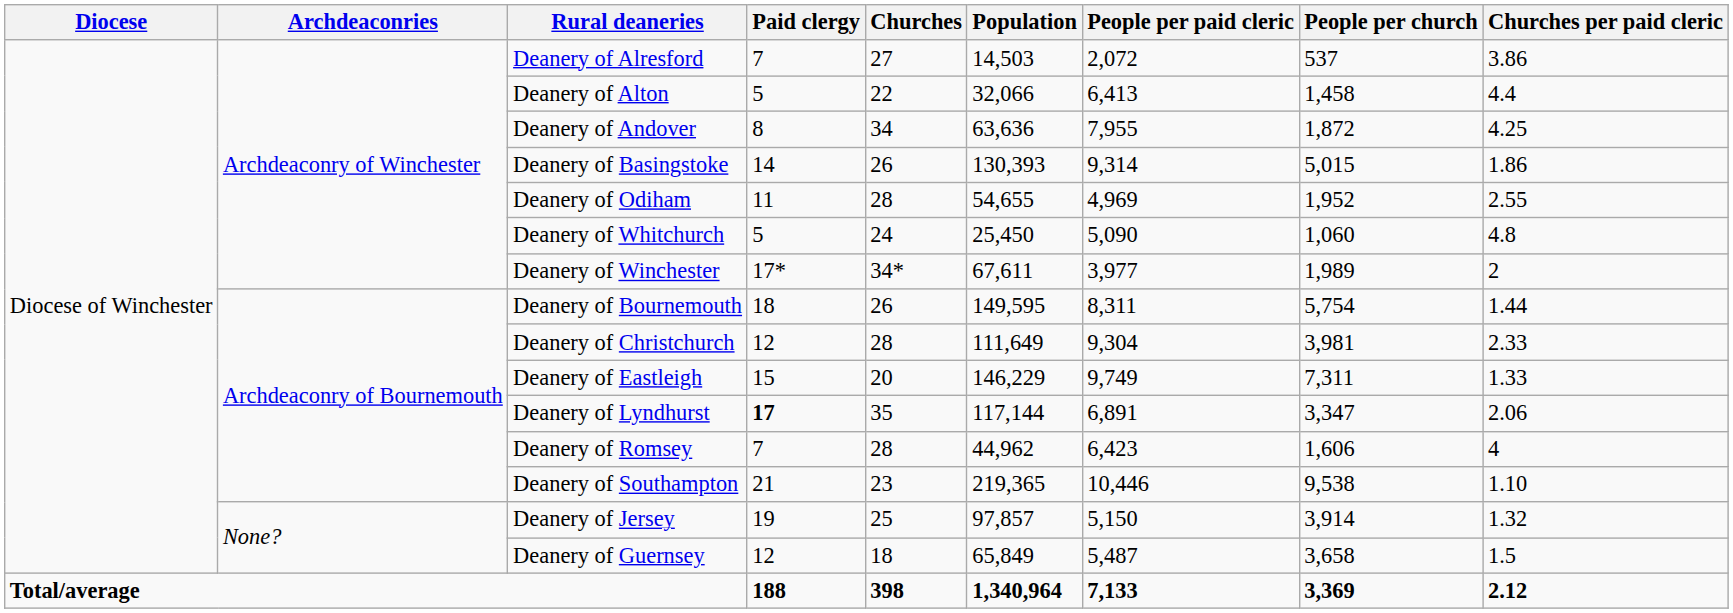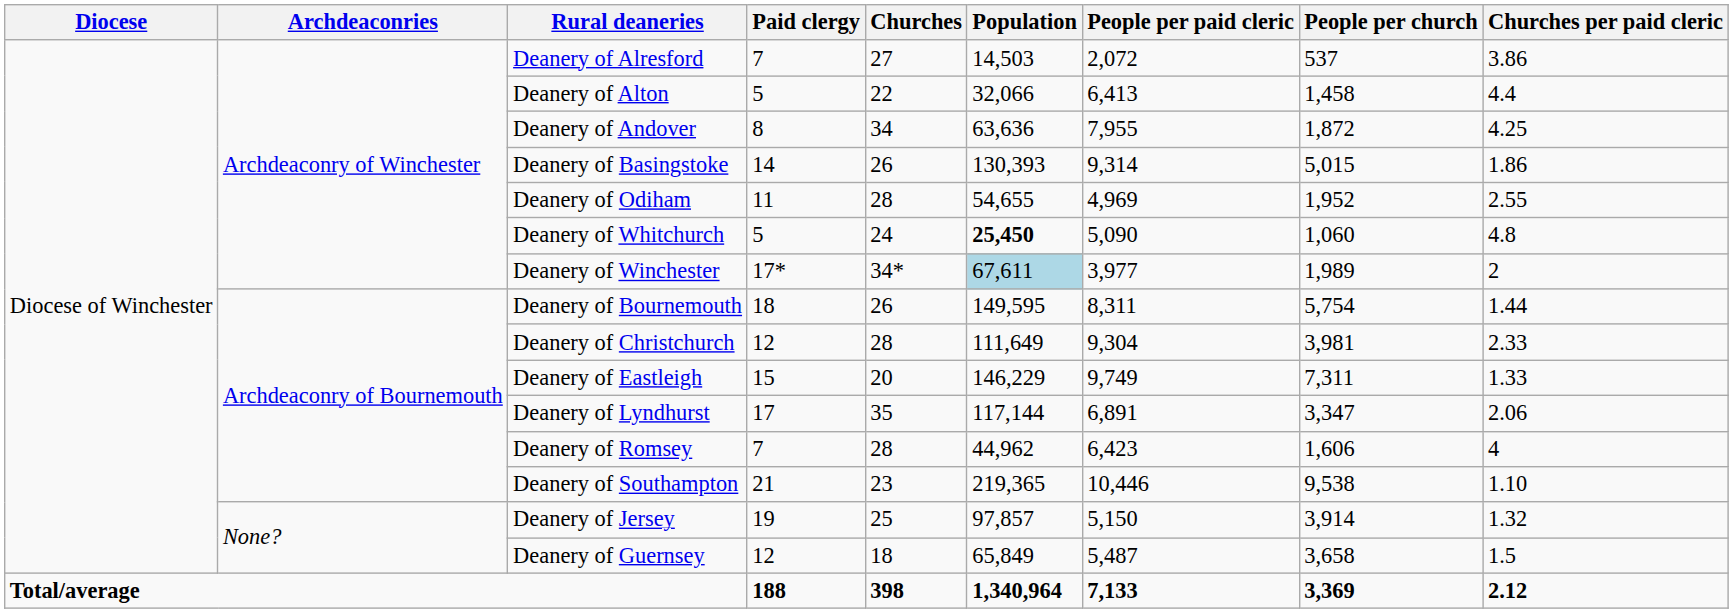 <table class="wikitable sortable">
 <tr>
 <th><a href='#'>Diocese</a></th>
 <th><a href='#'>Archdeaconries</a></th>
 <th><a href='#'>Rural deaneries</a></th>
 <th>Paid clergy</th>
 <th>Churches</th>
 <th>Population</th>
 <th>People per paid cleric</th>
 <th>People per church</th>
 <th>Churches per paid cleric</th>
 </tr>
 <tr>
 <td rowspan="15">Diocese of Winchester</td>
 <td rowspan="7"><a href='#'>Archdeaconry of Winchester</a></td>
 <td><a href='#'>Deanery of Alresford</a></td>
 <td>7</td>
 <td>27</td>
 <td>14,503</td>
 <td>2,072</td>
 <td>537</td>
 <td>3.86</td>
 </tr>
 <tr>
 <td>Deanery of <a href='#'>Alton</a></td>
 <td>5</td>
 <td>22</td>
 <td>32,066</td>
 <td>6,413</td>
 <td>1,458</td>
 <td>4.4</td>
 </tr>
 <tr>
 <td>Deanery of <a href='#'>Andover</a></td>
 <td>8</td>
 <td>34</td>
 <td>63,636</td>
 <td>7,955</td>
 <td>1,872</td>
 <td>4.25</td>
 </tr>
 <tr>
 <td>Deanery of <a href='#'>Basingstoke</a></td>
 <td>14</td>
 <td>26</td>
 <td>130,393</td>
 <td>9,314</td>
 <td>5,015</td>
 <td>1.86</td>
 </tr>
 <tr>
 <td>Deanery of <a href='#'>Odiham</a></td>
 <td>11</td>
 <td>28</td>
 <td>54,655</td>
 <td>4,969</td>
 <td>1,952</td>
 <td>2.55</td>
 </tr>
 <tr>
 <td>Deanery of <a href='#'>Whitchurch</a></td>
 <td>5</td>
 <td>24</td>
-<td>25,450</td>
+<td><strong>25,450</strong></td>
 <td>5,090</td>
 <td>1,060</td>
 <td>4.8</td>
 </tr>
 <tr>
 <td>Deanery of <a href='#'>Winchester</a></td>
 <td>17*</td>
 <td>34*</td>
-<td>67,611</td>
+<td style="background: lightblue;">67,611</td>
 <td>3,977</td>
 <td>1,989</td>
 <td>2</td>
 </tr>
 <tr>
 <td rowspan="6"><a href='#'>Archdeaconry of Bournemouth</a></td>
 <td>Deanery of <a href='#'>Bournemouth</a></td>
 <td>18</td>
 <td>26</td>
 <td>149,595</td>
 <td>8,311</td>
 <td>5,754</td>
 <td>1.44</td>
 </tr>
 <tr>
 <td>Deanery of <a href='#'>Christchurch</a></td>
 <td>12</td>
 <td>28</td>
 <td>111,649</td>
 <td>9,304</td>
 <td>3,981</td>
 <td>2.33</td>
 </tr>
 <tr>
 <td>Deanery of <a href='#'>Eastleigh</a></td>
 <td>15</td>
 <td>20</td>
 <td>146,229</td>
 <td>9,749</td>
 <td>7,311</td>
 <td>1.33</td>
 </tr>
 <tr>
 <td>Deanery of <a href='#'>Lyndhurst</a></td>
-<td><strong>17</strong></td>
+<td>17</td>
 <td>35</td>
 <td>117,144</td>
 <td>6,891</td>
 <td>3,347</td>
 <td>2.06</td>
 </tr>
 <tr>
 <td>Deanery of <a href='#'>Romsey</a></td>
 <td>7</td>
 <td>28</td>
 <td>44,962</td>
 <td>6,423</td>
 <td>1,606</td>
 <td>4</td>
 </tr>
 <tr>
 <td>Deanery of <a href='#'>Southampton</a></td>
 <td>21</td>
 <td>23</td>
 <td>219,365</td>
 <td>10,446</td>
 <td>9,538</td>
 <td>1.10</td>
 </tr>
 <tr>
 <td rowspan="2"><em>None?</em></td>
 <td>Deanery of <a href='#'>Jersey</a></td>
 <td>19</td>
 <td>25</td>
 <td>97,857</td>
 <td>5,150</td>
 <td>3,914</td>
 <td>1.32</td>
 </tr>
 <tr>
 <td>Deanery of <a href='#'>Guernsey</a></td>
 <td>12</td>
 <td>18</td>
 <td>65,849</td>
 <td>5,487</td>
 <td>3,658</td>
 <td>1.5</td>
 </tr>
 <tr>
 <td colspan="3"><strong>Total/average</strong></td>
 <td><strong>188</strong></td>
 <td><strong>398</strong></td>
 <td><strong>1,340,964</strong></td>
 <td><strong>7,133</strong></td>
 <td><strong>3,369</strong></td>
 <td><strong>2.12</strong></td>
 </tr>
 </table>
